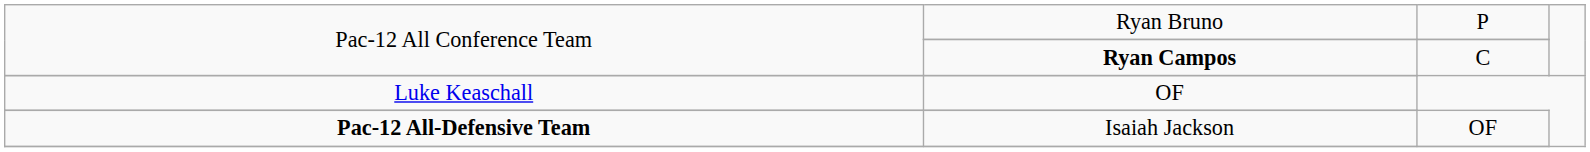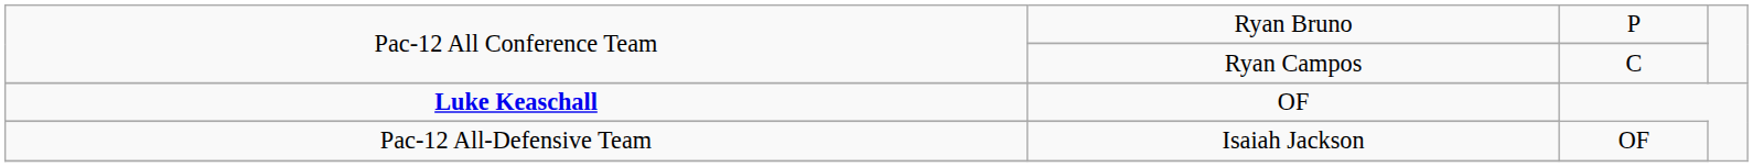 <table class="wikitable" style="width: 90%;text-align: center;">
 <tr align="center">
 <td rowspan="3">Pac-12 All Conference Team</td>
 <td>Ryan Bruno</td>
 <td>P</td>
 <td rowspan="4"></td>
 </tr>
 <tr>
 </tr>
 <tr>
-<td><strong>Ryan Campos</strong></td>
+<td>Ryan Campos</td>
 <td>C</td>
 </tr>
 <tr>
 </tr>
 <tr>
-<td><a href='#'>Luke Keaschall</a></td>
+<td><strong><a href='#'>Luke Keaschall</a></strong></td>
 <td>OF</td>
 </tr>
 <tr>
 </tr>
 <tr>
-<td><strong>Pac-12 All-Defensive Team</strong></td>
+<td>Pac-12 All-Defensive Team</td>
 <td>Isaiah Jackson</td>
 <td>OF</td>
 </tr>
 <tr>
 </tr>
 </table>
